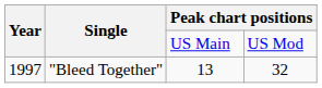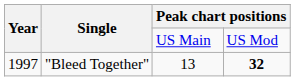 <table class="wikitable" border="1">
 <tr>
 <th rowspan="2">Year</th>
 <th rowspan="2">Single</th>
 <th colspan="2">Peak chart positions</th>
 </tr>
 <tr>
 <td><a href='#'>US Main</a></td>
 <td><a href='#'>US Mod</a><br></td>
 </tr>
 <tr>
 <td>1997</td>
 <td>"Bleed Together"</td>
 <td align="center">13</td>
-<td align="center">32</td>
+<td align="center"><strong>32</strong></td>
 </tr>
 </table>
